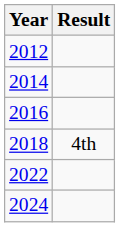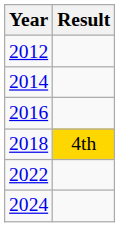 <table class="wikitable" style="text-align:center">
 <tr>
 <th>Year</th>
 <th>Result</th>
 </tr>
 <tr>
 <td><a href='#'>2012</a></td>
 <td></td>
 </tr>
 <tr>
 <td><a href='#'>2014</a></td>
 <td></td>
 </tr>
 <tr>
 <td><a href='#'>2016</a></td>
 <td></td>
 </tr>
 <tr>
 <td><a href='#'>2018</a></td>
-<td>4th</td>
+<td style="background: gold;">4th</td>
 </tr>
 <tr>
 <td><a href='#'>2022</a></td>
 <td></td>
 </tr>
 <tr>
 <td><a href='#'>2024</a></td>
 <td></td>
 </tr>
 </table>
